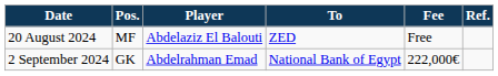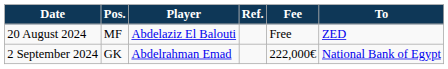 <table class="wikitable plainrowheaders sortable">
 <tr>
 <th style="background:#0e3757; color:#ffffff; ">Date</th>
 <th style="background:#0e3757; color:#ffffff; ">Pos.</th>
 <th style="background:#0e3757; color:#ffffff; ">Player</th>
+<th style="background:#0e3757; color:#ffffff; ">Ref.</th>
+<th style="background:#0e3757; color:#ffffff; ">Fee</th>
 <th style="background:#0e3757; color:#ffffff; ">To</th>
-<th style="background:#0e3757; color:#ffffff; ">Fee</th>
-<th style="background:#0e3757; color:#ffffff; ">Ref.</th>
 </tr>
 <tr>
 <td>20 August 2024</td>
 <td>MF</td>
 <td> <a href='#'>Abdelaziz El Balouti</a></td>
+<td></td>
+<td>Free</td>
 <td> <a href='#'>ZED</a></td>
-<td>Free</td>
-<td></td>
 </tr>
 <tr>
 <td>2 September 2024</td>
 <td>GK</td>
 <td> <a href='#'>Abdelrahman Emad</a></td>
+<td></td>
+<td>222,000€</td>
 <td> <a href='#'>National Bank of Egypt</a></td>
-<td>222,000€</td>
-<td></td>
 </tr>
 </table>
